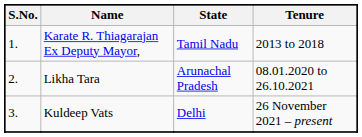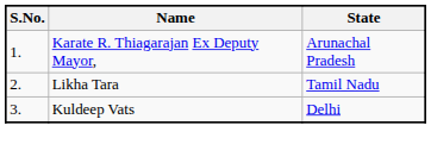 <table class="wikitable sortable" style="border-collapse: collapse; border: 2px #000000 solid; font-size: x-big; font-family: verdana" width="70%" cellspacing="0" cellpadding="2" border="1">
 <tr bgcolor="efefef" align="center">
 <th>S.No.</th>
 <th>Name</th>
 <th>State</th>
-<th>Tenure</th>
 </tr>
 <tr>
 <td>1.</td>
 <td><a href='#'>Karate R. Thiagarajan</a> <a href='#'>Ex Deputy Mayor</a>,</td>
-<td><a href='#'>Tamil Nadu</a></td>
-<td>2013 to 2018</td>
+<td><a href='#'>Arunachal Pradesh</a></td>
 </tr>
 <tr>
 <td>2.</td>
 <td>Likha Tara</td>
-<td><a href='#'>Arunachal Pradesh</a></td>
-<td>08.01.2020 to 26.10.2021</td>
+<td><a href='#'>Tamil Nadu</a></td>
 </tr>
 <tr>
 <td>3.</td>
 <td>Kuldeep Vats</td>
 <td><a href='#'>Delhi</a></td>
-<td>26 November 2021 – <em>present</em></td>
 </tr>
 </table>
